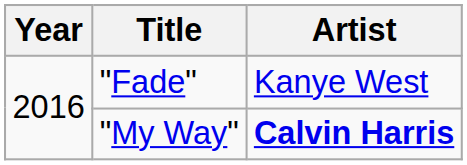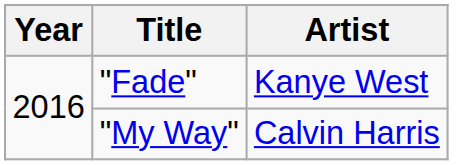 <table class="wikitable">
 <tr>
 <th>Year</th>
 <th>Title</th>
 <th>Artist</th>
 </tr>
 <tr>
 <td rowspan=2>2016</td>
 <td>"<a href='#'>Fade</a>"</td>
 <td><a href='#'>Kanye West</a></td>
 </tr>
 <tr>
 <td>"<a href='#'>My Way</a>"</td>
-<td><strong><a href='#'>Calvin Harris</a></strong></td>
+<td><a href='#'>Calvin Harris</a></td>
 </tr>
 </table>
